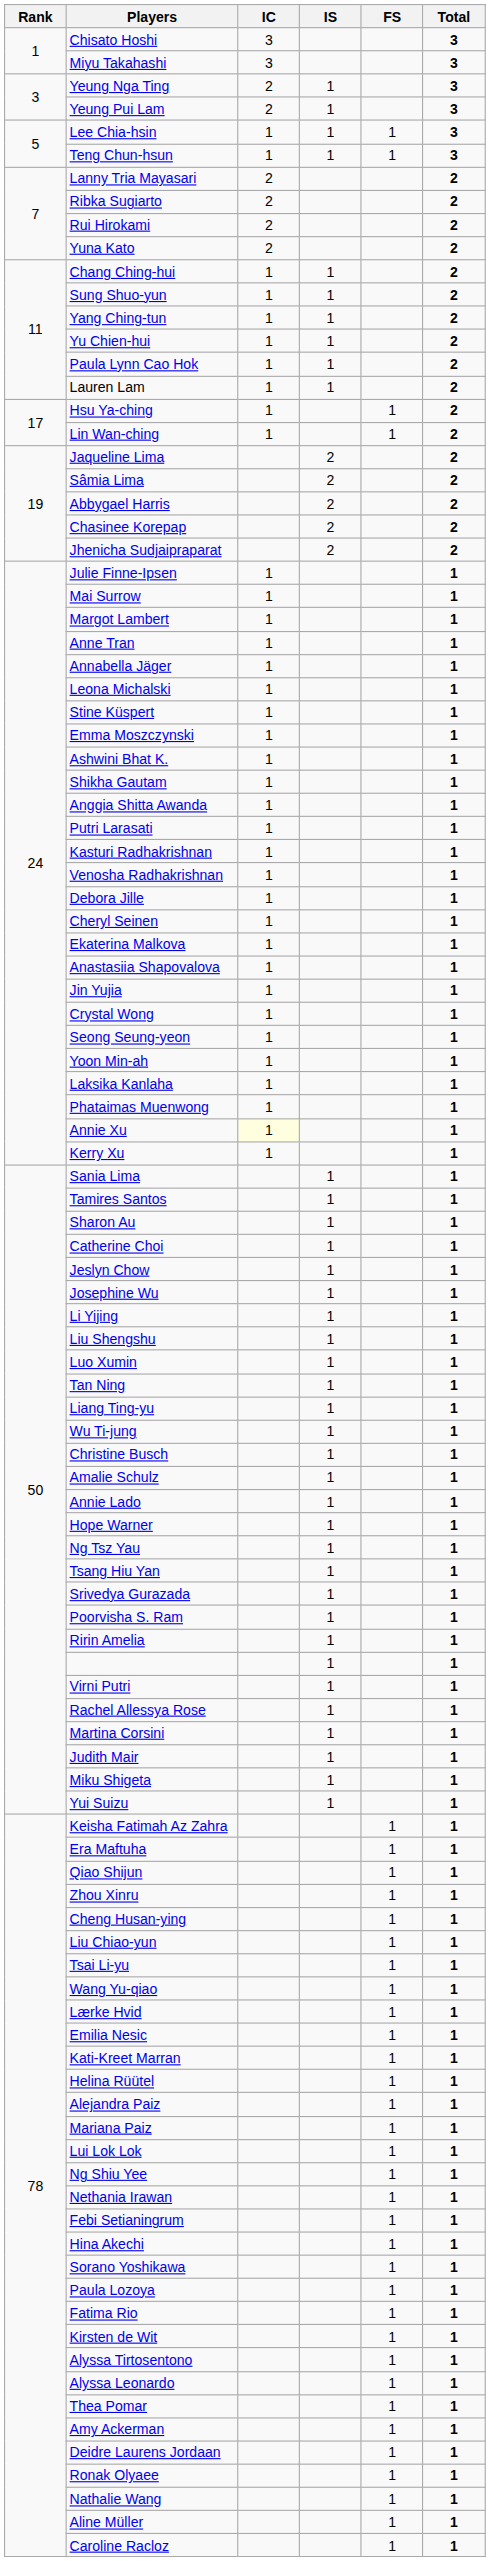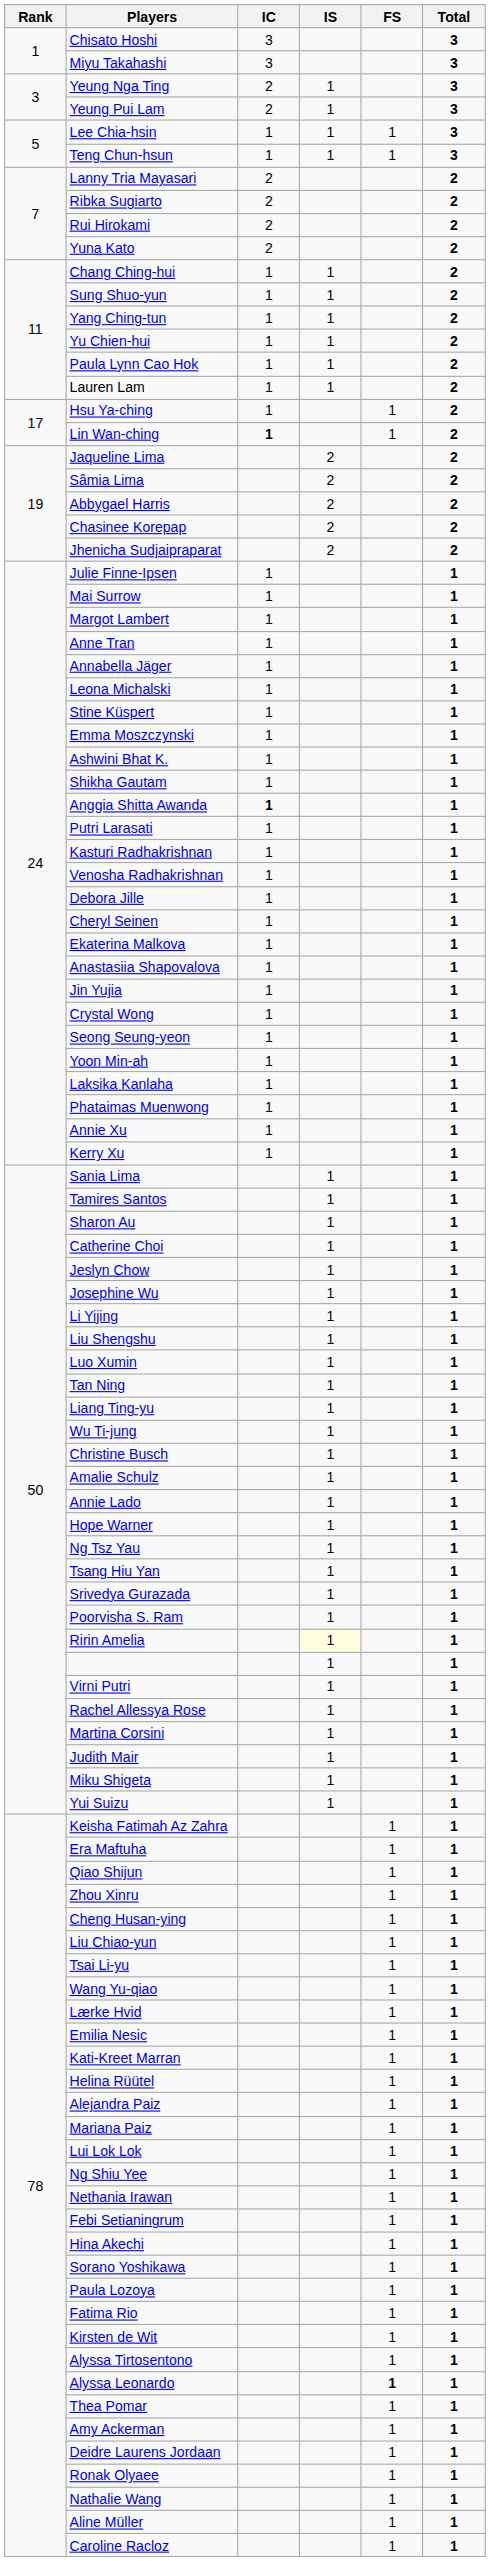 <table class="wikitable" style="font-size:80%; text-align:center">
 <tr>
 <th width="50">Rank</th>
 <th width="150">Players</th>
 <th width="50">IC</th>
 <th width="50">IS</th>
 <th width="50">FS</th>
 <th width="50">Total</th>
 </tr>
 <tr>
 <td rowspan="2">1</td>
 <td align="left"> <a href='#'>Chisato Hoshi</a></td>
 <td>3</td>
 <td></td>
 <td></td>
 <td><strong>3</strong></td>
 </tr>
 <tr>
 <td align="left"> <a href='#'>Miyu Takahashi</a></td>
 <td>3</td>
 <td></td>
 <td></td>
 <td><strong>3</strong></td>
 </tr>
 <tr>
 <td rowspan="2">3</td>
 <td align="left"> <a href='#'>Yeung Nga Ting</a></td>
 <td>2</td>
 <td>1</td>
 <td></td>
 <td><strong>3</strong></td>
 </tr>
 <tr>
 <td align="left"> <a href='#'>Yeung Pui Lam</a></td>
 <td>2</td>
 <td>1</td>
 <td></td>
 <td><strong>3</strong></td>
 </tr>
 <tr>
 <td rowspan="2">5</td>
 <td align="left"> <a href='#'>Lee Chia-hsin</a></td>
 <td>1</td>
 <td>1</td>
 <td>1</td>
 <td><strong>3</strong></td>
 </tr>
 <tr>
 <td align="left"> <a href='#'>Teng Chun-hsun</a></td>
 <td>1</td>
 <td>1</td>
 <td>1</td>
 <td><strong>3</strong></td>
 </tr>
 <tr>
 <td rowspan=4>7</td>
 <td align="left"> <a href='#'>Lanny Tria Mayasari</a></td>
 <td>2</td>
 <td></td>
 <td></td>
 <td><strong>2</strong></td>
 </tr>
 <tr>
 <td align="left"> <a href='#'>Ribka Sugiarto</a></td>
 <td>2</td>
 <td></td>
 <td></td>
 <td><strong>2</strong></td>
 </tr>
 <tr>
 <td align="left"> <a href='#'>Rui Hirokami</a></td>
 <td>2</td>
 <td></td>
 <td></td>
 <td><strong>2</strong></td>
 </tr>
 <tr>
 <td align="left"> <a href='#'>Yuna Kato</a></td>
 <td>2</td>
 <td></td>
 <td></td>
 <td><strong>2</strong></td>
 </tr>
 <tr>
 <td rowspan=6>11</td>
 <td align="left"> <a href='#'>Chang Ching-hui</a></td>
 <td>1</td>
 <td>1</td>
 <td></td>
 <td><strong>2</strong></td>
 </tr>
 <tr>
 <td align="left"> <a href='#'>Sung Shuo-yun</a></td>
 <td>1</td>
 <td>1</td>
 <td></td>
 <td><strong>2</strong></td>
 </tr>
 <tr>
 <td align="left"> <a href='#'>Yang Ching-tun</a></td>
 <td>1</td>
 <td>1</td>
 <td></td>
 <td><strong>2</strong></td>
 </tr>
 <tr>
 <td align="left"> <a href='#'>Yu Chien-hui</a></td>
 <td>1</td>
 <td>1</td>
 <td></td>
 <td><strong>2</strong></td>
 </tr>
 <tr>
 <td align="left"> <a href='#'>Paula Lynn Cao Hok</a></td>
 <td>1</td>
 <td>1</td>
 <td></td>
 <td><strong>2</strong></td>
 </tr>
 <tr>
 <td align="left"> Lauren Lam</td>
 <td>1</td>
 <td>1</td>
 <td></td>
 <td><strong>2</strong></td>
 </tr>
 <tr>
 <td rowspan="2">17</td>
 <td align="left"> <a href='#'>Hsu Ya-ching</a></td>
 <td>1</td>
 <td></td>
 <td>1</td>
 <td><strong>2</strong></td>
 </tr>
 <tr>
 <td align="left"> <a href='#'>Lin Wan-ching</a></td>
-<td>1</td>
+<td><strong>1</strong></td>
 <td></td>
 <td>1</td>
 <td><strong>2</strong></td>
 </tr>
 <tr>
 <td rowspan=5>19</td>
 <td align="left"> <a href='#'>Jaqueline Lima</a></td>
 <td></td>
 <td>2</td>
 <td></td>
 <td><strong>2</strong></td>
 </tr>
 <tr>
 <td align="left"> <a href='#'>Sâmia Lima</a></td>
 <td></td>
 <td>2</td>
 <td></td>
 <td><strong>2</strong></td>
 </tr>
 <tr>
 <td align="left"> <a href='#'>Abbygael Harris</a></td>
 <td></td>
 <td>2</td>
 <td></td>
 <td><strong>2</strong></td>
 </tr>
 <tr>
 <td align="left"> <a href='#'>Chasinee Korepap</a></td>
 <td></td>
 <td>2</td>
 <td></td>
 <td><strong>2</strong></td>
 </tr>
 <tr>
 <td align="left"> <a href='#'>Jhenicha Sudjaipraparat</a></td>
 <td></td>
 <td>2</td>
 <td></td>
 <td><strong>2</strong></td>
 </tr>
 <tr>
 <td rowspan=26>24</td>
 <td align="left"> <a href='#'>Julie Finne-Ipsen</a></td>
 <td>1</td>
 <td></td>
 <td></td>
 <td><strong>1</strong></td>
 </tr>
 <tr>
 <td align="left"> <a href='#'>Mai Surrow</a></td>
 <td>1</td>
 <td></td>
 <td></td>
 <td><strong>1</strong></td>
 </tr>
 <tr>
 <td align="left"> <a href='#'>Margot Lambert</a></td>
 <td>1</td>
 <td></td>
 <td></td>
 <td><strong>1</strong></td>
 </tr>
 <tr>
 <td align="left"> <a href='#'>Anne Tran</a></td>
 <td>1</td>
 <td></td>
 <td></td>
 <td><strong>1</strong></td>
 </tr>
 <tr>
 <td align="left"> <a href='#'>Annabella Jäger</a></td>
 <td>1</td>
 <td></td>
 <td></td>
 <td><strong>1</strong></td>
 </tr>
 <tr>
 <td align="left"> <a href='#'>Leona Michalski</a></td>
 <td>1</td>
 <td></td>
 <td></td>
 <td><strong>1</strong></td>
 </tr>
 <tr>
 <td align="left"> <a href='#'>Stine Küspert</a></td>
 <td>1</td>
 <td></td>
 <td></td>
 <td><strong>1</strong></td>
 </tr>
 <tr>
 <td align="left"> <a href='#'>Emma Moszczynski</a></td>
 <td>1</td>
 <td></td>
 <td></td>
 <td><strong>1</strong></td>
 </tr>
 <tr>
 <td align="left"> <a href='#'>Ashwini Bhat K.</a></td>
 <td>1</td>
 <td></td>
 <td></td>
 <td><strong>1</strong></td>
 </tr>
 <tr>
 <td align="left"> <a href='#'>Shikha Gautam</a></td>
 <td>1</td>
 <td></td>
 <td></td>
 <td><strong>1</strong></td>
 </tr>
 <tr>
 <td align="left"> <a href='#'>Anggia Shitta Awanda</a></td>
-<td>1</td>
+<td><strong>1</strong></td>
 <td></td>
 <td></td>
 <td><strong>1</strong></td>
 </tr>
 <tr>
 <td align="left"> <a href='#'>Putri Larasati</a></td>
 <td>1</td>
 <td></td>
 <td></td>
 <td><strong>1</strong></td>
 </tr>
 <tr>
 <td align="left"> <a href='#'>Kasturi Radhakrishnan</a></td>
 <td>1</td>
 <td></td>
 <td></td>
 <td><strong>1</strong></td>
 </tr>
 <tr>
 <td align="left"> <a href='#'>Venosha Radhakrishnan</a></td>
 <td>1</td>
 <td></td>
 <td></td>
 <td><strong>1</strong></td>
 </tr>
 <tr>
 <td align="left"> <a href='#'>Debora Jille</a></td>
 <td>1</td>
 <td></td>
 <td></td>
 <td><strong>1</strong></td>
 </tr>
 <tr>
 <td align="left"> <a href='#'>Cheryl Seinen</a></td>
 <td>1</td>
 <td></td>
 <td></td>
 <td><strong>1</strong></td>
 </tr>
 <tr>
 <td align="left"> <a href='#'>Ekaterina Malkova</a></td>
 <td>1</td>
 <td></td>
 <td></td>
 <td><strong>1</strong></td>
 </tr>
 <tr>
 <td align="left"> <a href='#'>Anastasiia Shapovalova</a></td>
 <td>1</td>
 <td></td>
 <td></td>
 <td><strong>1</strong></td>
 </tr>
 <tr>
 <td align="left"> <a href='#'>Jin Yujia</a></td>
 <td>1</td>
 <td></td>
 <td></td>
 <td><strong>1</strong></td>
 </tr>
 <tr>
 <td align="left"> <a href='#'>Crystal Wong</a></td>
 <td>1</td>
 <td></td>
 <td></td>
 <td><strong>1</strong></td>
 </tr>
 <tr>
 <td align="left"> <a href='#'>Seong Seung-yeon</a></td>
 <td>1</td>
 <td></td>
 <td></td>
 <td><strong>1</strong></td>
 </tr>
 <tr>
 <td align="left"> <a href='#'>Yoon Min-ah</a></td>
 <td>1</td>
 <td></td>
 <td></td>
 <td><strong>1</strong></td>
 </tr>
 <tr>
 <td align="left"> <a href='#'>Laksika Kanlaha</a></td>
 <td>1</td>
 <td></td>
 <td></td>
 <td><strong>1</strong></td>
 </tr>
 <tr>
 <td align="left"> <a href='#'>Phataimas Muenwong</a></td>
 <td>1</td>
 <td></td>
 <td></td>
 <td><strong>1</strong></td>
 </tr>
 <tr>
 <td align="left"> <a href='#'>Annie Xu</a></td>
-<td style="background: lightyellow;">1</td>
+<td>1</td>
 <td></td>
 <td></td>
 <td><strong>1</strong></td>
 </tr>
 <tr>
 <td align="left"> <a href='#'>Kerry Xu</a></td>
 <td>1</td>
 <td></td>
 <td></td>
 <td><strong>1</strong></td>
 </tr>
 <tr>
 <td rowspan=28>50</td>
 <td align="left"> <a href='#'>Sania Lima</a></td>
 <td></td>
 <td>1</td>
 <td></td>
 <td><strong>1</strong></td>
 </tr>
 <tr>
 <td align="left"> <a href='#'>Tamires Santos</a></td>
 <td></td>
 <td>1</td>
 <td></td>
 <td><strong>1</strong></td>
 </tr>
 <tr>
 <td align="left"> <a href='#'>Sharon Au</a></td>
 <td></td>
 <td>1</td>
 <td></td>
 <td><strong>1</strong></td>
 </tr>
 <tr>
 <td align="left"> <a href='#'>Catherine Choi</a></td>
 <td></td>
 <td>1</td>
 <td></td>
 <td><strong>1</strong></td>
 </tr>
 <tr>
 <td align="left"> <a href='#'>Jeslyn Chow</a></td>
 <td></td>
 <td>1</td>
 <td></td>
 <td><strong>1</strong></td>
 </tr>
 <tr>
 <td align="left"> <a href='#'>Josephine Wu</a></td>
 <td></td>
 <td>1</td>
 <td></td>
 <td><strong>1</strong></td>
 </tr>
 <tr>
 <td align="left"> <a href='#'>Li Yijing</a></td>
 <td></td>
 <td>1</td>
 <td></td>
 <td><strong>1</strong></td>
 </tr>
 <tr>
 <td align="left"> <a href='#'>Liu Shengshu</a></td>
 <td></td>
 <td>1</td>
 <td></td>
 <td><strong>1</strong></td>
 </tr>
 <tr>
 <td align="left"> <a href='#'>Luo Xumin</a></td>
 <td></td>
 <td>1</td>
 <td></td>
 <td><strong>1</strong></td>
 </tr>
 <tr>
 <td align="left"> <a href='#'>Tan Ning</a></td>
 <td></td>
 <td>1</td>
 <td></td>
 <td><strong>1</strong></td>
 </tr>
 <tr>
 <td align="left"> <a href='#'>Liang Ting-yu</a></td>
 <td></td>
 <td>1</td>
 <td></td>
 <td><strong>1</strong></td>
 </tr>
 <tr>
 <td align="left"> <a href='#'>Wu Ti-jung</a></td>
 <td></td>
 <td>1</td>
 <td></td>
 <td><strong>1</strong></td>
 </tr>
 <tr>
 <td align="left"> <a href='#'>Christine Busch</a></td>
 <td></td>
 <td>1</td>
 <td></td>
 <td><strong>1</strong></td>
 </tr>
 <tr>
 <td align="left"> <a href='#'>Amalie Schulz</a></td>
 <td></td>
 <td>1</td>
 <td></td>
 <td><strong>1</strong></td>
 </tr>
 <tr>
 <td align="left"> <a href='#'>Annie Lado</a></td>
 <td></td>
 <td>1</td>
 <td></td>
 <td><strong>1</strong></td>
 </tr>
 <tr>
 <td align="left"> <a href='#'>Hope Warner</a></td>
 <td></td>
 <td>1</td>
 <td></td>
 <td><strong>1</strong></td>
 </tr>
 <tr>
 <td align="left"> <a href='#'>Ng Tsz Yau</a></td>
 <td></td>
 <td>1</td>
 <td></td>
 <td><strong>1</strong></td>
 </tr>
 <tr>
 <td align="left"> <a href='#'>Tsang Hiu Yan</a></td>
 <td></td>
 <td>1</td>
 <td></td>
 <td><strong>1</strong></td>
 </tr>
 <tr>
 <td align="left"> <a href='#'>Srivedya Gurazada</a></td>
 <td></td>
 <td>1</td>
 <td></td>
 <td><strong>1</strong></td>
 </tr>
 <tr>
 <td align="left"> <a href='#'>Poorvisha S. Ram</a></td>
 <td></td>
 <td>1</td>
 <td></td>
 <td><strong>1</strong></td>
 </tr>
 <tr>
 <td align="left"> <a href='#'>Ririn Amelia</a></td>
 <td></td>
-<td>1</td>
+<td style="background: lightyellow;">1</td>
 <td></td>
 <td><strong>1</strong></td>
 </tr>
 <tr>
 <td align="left"></td>
 <td></td>
 <td>1</td>
 <td></td>
 <td><strong>1</strong></td>
 </tr>
 <tr>
 <td align="left"> <a href='#'>Virni Putri</a></td>
 <td></td>
 <td>1</td>
 <td></td>
 <td><strong>1</strong></td>
 </tr>
 <tr>
 <td align="left"> <a href='#'>Rachel Allessya Rose</a></td>
 <td></td>
 <td>1</td>
 <td></td>
 <td><strong>1</strong></td>
 </tr>
 <tr>
 <td align="left"> <a href='#'>Martina Corsini</a></td>
 <td></td>
 <td>1</td>
 <td></td>
 <td><strong>1</strong></td>
 </tr>
 <tr>
 <td align="left"> <a href='#'>Judith Mair</a></td>
 <td></td>
 <td>1</td>
 <td></td>
 <td><strong>1</strong></td>
 </tr>
 <tr>
 <td align="left"> <a href='#'>Miku Shigeta</a></td>
 <td></td>
 <td>1</td>
 <td></td>
 <td><strong>1</strong></td>
 </tr>
 <tr>
 <td align="left"> <a href='#'>Yui Suizu</a></td>
 <td></td>
 <td>1</td>
 <td></td>
 <td><strong>1</strong></td>
 </tr>
 <tr>
 <td rowspan=32>78</td>
 <td align="left"> <a href='#'>Keisha Fatimah Az Zahra</a></td>
 <td></td>
 <td></td>
 <td>1</td>
 <td><strong>1</strong></td>
 </tr>
 <tr>
 <td align="left"> <a href='#'>Era Maftuha</a></td>
 <td></td>
 <td></td>
 <td>1</td>
 <td><strong>1</strong></td>
 </tr>
 <tr>
 <td align="left"> <a href='#'>Qiao Shijun</a></td>
 <td></td>
 <td></td>
 <td>1</td>
 <td><strong>1</strong></td>
 </tr>
 <tr>
 <td align="left"> <a href='#'>Zhou Xinru</a></td>
 <td></td>
 <td></td>
 <td>1</td>
 <td><strong>1</strong></td>
 </tr>
 <tr>
 <td align="left"> <a href='#'>Cheng Husan-ying</a></td>
 <td></td>
 <td></td>
 <td>1</td>
 <td><strong>1</strong></td>
 </tr>
 <tr>
 <td align="left"> <a href='#'>Liu Chiao-yun</a></td>
 <td></td>
 <td></td>
 <td>1</td>
 <td><strong>1</strong></td>
 </tr>
 <tr>
 <td align="left"> <a href='#'>Tsai Li-yu</a></td>
 <td></td>
 <td></td>
 <td>1</td>
 <td><strong>1</strong></td>
 </tr>
 <tr>
 <td align="left"> <a href='#'>Wang Yu-qiao</a></td>
 <td></td>
 <td></td>
 <td>1</td>
 <td><strong>1</strong></td>
 </tr>
 <tr>
 <td align="left"> <a href='#'>Lærke Hvid</a></td>
 <td></td>
 <td></td>
 <td>1</td>
 <td><strong>1</strong></td>
 </tr>
 <tr>
 <td align="left"> <a href='#'>Emilia Nesic</a></td>
 <td></td>
 <td></td>
 <td>1</td>
 <td><strong>1</strong></td>
 </tr>
 <tr>
 <td align="left"> <a href='#'>Kati-Kreet Marran</a></td>
 <td></td>
 <td></td>
 <td>1</td>
 <td><strong>1</strong></td>
 </tr>
 <tr>
 <td align="left"> <a href='#'>Helina Rüütel</a></td>
 <td></td>
 <td></td>
 <td>1</td>
 <td><strong>1</strong></td>
 </tr>
 <tr>
 <td align="left"> <a href='#'>Alejandra Paiz</a></td>
 <td></td>
 <td></td>
 <td>1</td>
 <td><strong>1</strong></td>
 </tr>
 <tr>
 <td align="left"> <a href='#'>Mariana Paiz</a></td>
 <td></td>
 <td></td>
 <td>1</td>
 <td><strong>1</strong></td>
 </tr>
 <tr>
 <td align="left"> <a href='#'>Lui Lok Lok</a></td>
 <td></td>
 <td></td>
 <td>1</td>
 <td><strong>1</strong></td>
 </tr>
 <tr>
 <td align="left"> <a href='#'>Ng Shiu Yee</a></td>
 <td></td>
 <td></td>
 <td>1</td>
 <td><strong>1</strong></td>
 </tr>
 <tr>
 <td align="left"> <a href='#'>Nethania Irawan</a></td>
 <td></td>
 <td></td>
 <td>1</td>
 <td><strong>1</strong></td>
 </tr>
 <tr>
 <td align="left"> <a href='#'>Febi Setianingrum</a></td>
 <td></td>
 <td></td>
 <td>1</td>
 <td><strong>1</strong></td>
 </tr>
 <tr>
 <td align="left"> <a href='#'>Hina Akechi</a></td>
 <td></td>
 <td></td>
 <td>1</td>
 <td><strong>1</strong></td>
 </tr>
 <tr>
 <td align="left"> <a href='#'>Sorano Yoshikawa</a></td>
 <td></td>
 <td></td>
 <td>1</td>
 <td><strong>1</strong></td>
 </tr>
 <tr>
 <td align="left"> <a href='#'>Paula Lozoya</a></td>
 <td></td>
 <td></td>
 <td>1</td>
 <td><strong>1</strong></td>
 </tr>
 <tr>
 <td align="left"> <a href='#'>Fatima Rio</a></td>
 <td></td>
 <td></td>
 <td>1</td>
 <td><strong>1</strong></td>
 </tr>
 <tr>
 <td align="left"> <a href='#'>Kirsten de Wit</a></td>
 <td></td>
 <td></td>
 <td>1</td>
 <td><strong>1</strong></td>
 </tr>
 <tr>
 <td align="left"> <a href='#'>Alyssa Tirtosentono</a></td>
 <td></td>
 <td></td>
 <td>1</td>
 <td><strong>1</strong></td>
 </tr>
 <tr>
 <td align="left"> <a href='#'>Alyssa Leonardo</a></td>
 <td></td>
 <td></td>
-<td>1</td>
+<td><strong>1</strong></td>
 <td><strong>1</strong></td>
 </tr>
 <tr>
 <td align="left"> <a href='#'>Thea Pomar</a></td>
 <td></td>
 <td></td>
 <td>1</td>
 <td><strong>1</strong></td>
 </tr>
 <tr>
 <td align="left"> <a href='#'>Amy Ackerman</a></td>
 <td></td>
 <td></td>
 <td>1</td>
 <td><strong>1</strong></td>
 </tr>
 <tr>
 <td align="left"> <a href='#'>Deidre Laurens Jordaan</a></td>
 <td></td>
 <td></td>
 <td>1</td>
 <td><strong>1</strong></td>
 </tr>
 <tr>
 <td align="left"> <a href='#'>Ronak Olyaee</a></td>
 <td></td>
 <td></td>
 <td>1</td>
 <td><strong>1</strong></td>
 </tr>
 <tr>
 <td align="left"> <a href='#'>Nathalie Wang</a></td>
 <td></td>
 <td></td>
 <td>1</td>
 <td><strong>1</strong></td>
 </tr>
 <tr>
 <td align="left"> <a href='#'>Aline Müller</a></td>
 <td></td>
 <td></td>
 <td>1</td>
 <td><strong>1</strong></td>
 </tr>
 <tr>
 <td align="left"> <a href='#'>Caroline Racloz</a></td>
 <td></td>
 <td></td>
 <td>1</td>
 <td><strong>1</strong></td>
 </tr>
 </table>
